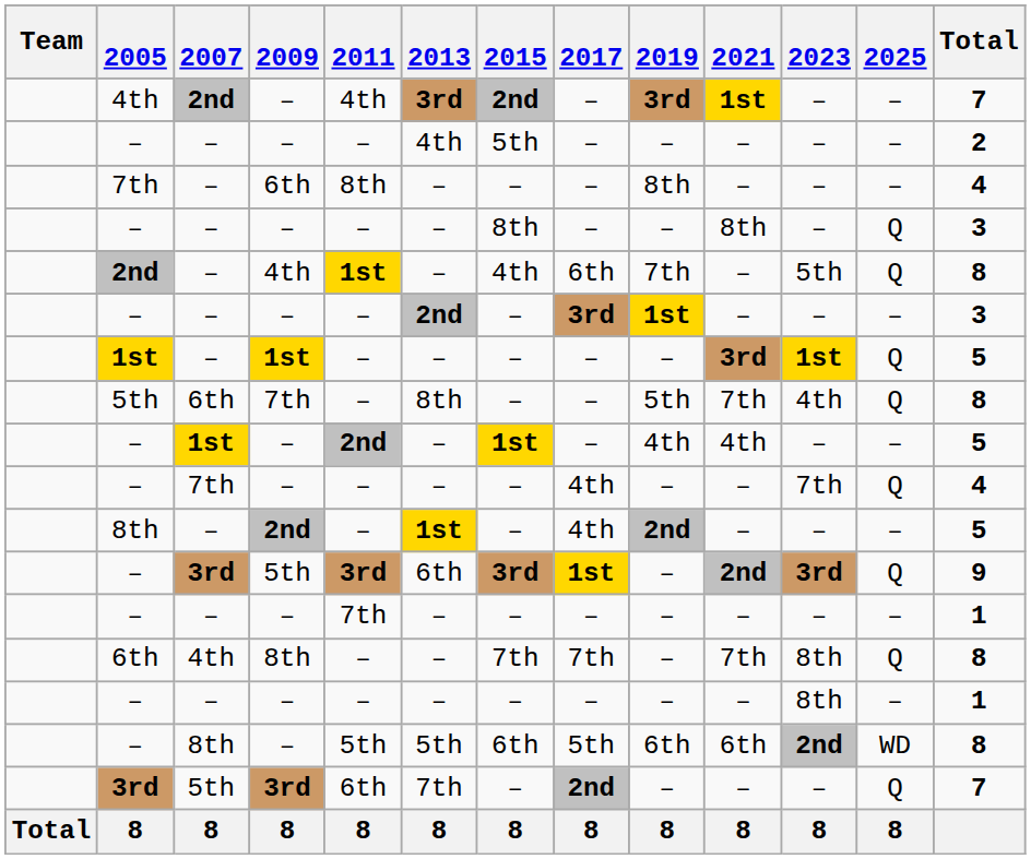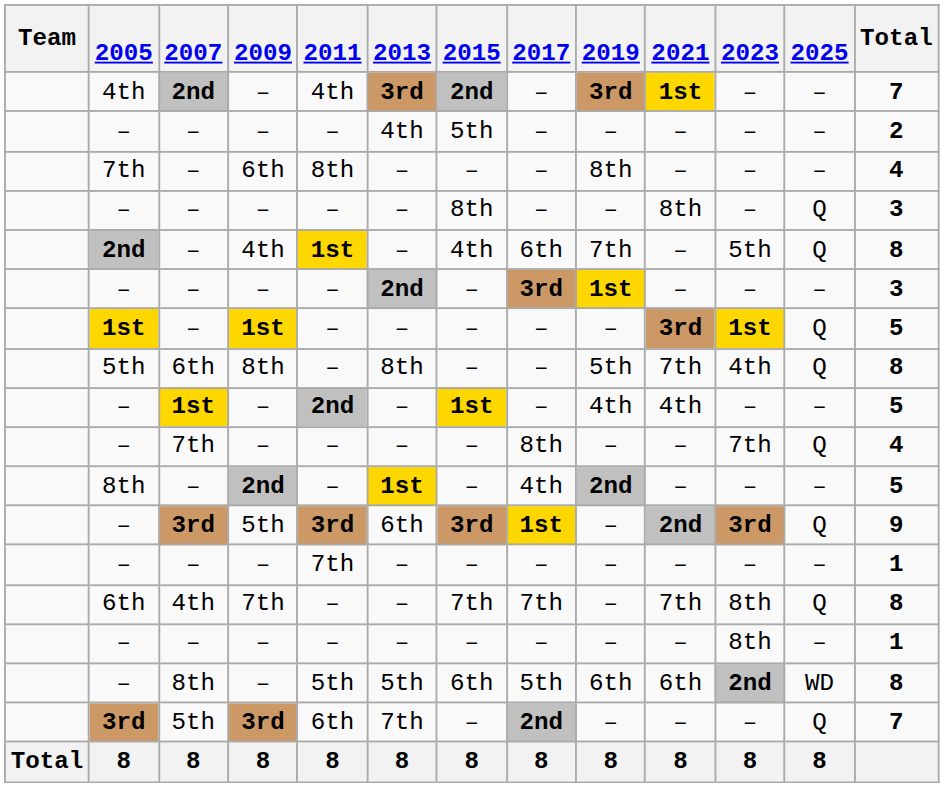 <table class="wikitable" style="text-align:center">
 <tr>
 <th>Team</th>
 <th><br><a href='#'>2005</a></th>
 <th><br><a href='#'>2007</a></th>
 <th><br><a href='#'>2009</a></th>
 <th><br><a href='#'>2011</a></th>
 <th><br><a href='#'>2013</a></th>
 <th><br><a href='#'>2015</a></th>
 <th><br><a href='#'>2017</a></th>
 <th><br><a href='#'>2019</a></th>
 <th><br><a href='#'>2021</a></th>
 <th><br><a href='#'>2023</a></th>
 <th><br><a href='#'>2025</a></th>
 <th>Total</th>
 </tr>
 <tr>
 <td align=left></td>
 <td>4th</td>
 <td bgcolor=silver><strong>2nd</strong></td>
 <td>–</td>
 <td>4th</td>
 <td bgcolor=cc9966><strong>3rd</strong></td>
 <td bgcolor=silver><strong>2nd</strong></td>
 <td>–</td>
 <td bgcolor=cc9966><strong>3rd</strong></td>
 <td bgcolor=gold><strong>1st</strong></td>
 <td>–</td>
 <td>–</td>
 <td><strong>7</strong></td>
 </tr>
 <tr>
 <td align=left></td>
 <td>–</td>
 <td>–</td>
 <td>–</td>
 <td>–</td>
 <td>4th</td>
 <td>5th</td>
 <td>–</td>
 <td>–</td>
 <td>–</td>
 <td>–</td>
 <td>–</td>
 <td><strong>2</strong></td>
 </tr>
 <tr>
 <td align=left></td>
 <td>7th</td>
 <td>–</td>
 <td>6th</td>
 <td>8th</td>
 <td>–</td>
 <td>–</td>
 <td>–</td>
 <td>8th</td>
 <td>–</td>
 <td>–</td>
 <td>–</td>
 <td><strong>4</strong></td>
 </tr>
 <tr>
 <td align=left></td>
 <td>–</td>
 <td>–</td>
 <td>–</td>
 <td>–</td>
 <td>–</td>
 <td>8th</td>
 <td>–</td>
 <td>–</td>
 <td>8th</td>
 <td>–</td>
 <td>Q</td>
 <td><strong>3</strong></td>
 </tr>
 <tr>
 <td align=left></td>
 <td bgcolor=silver><strong>2nd</strong></td>
 <td>–</td>
 <td>4th</td>
 <td bgcolor=gold><strong>1st</strong></td>
 <td>–</td>
 <td>4th</td>
 <td>6th</td>
 <td>7th</td>
 <td>–</td>
 <td>5th</td>
 <td>Q</td>
 <td><strong>8</strong></td>
 </tr>
 <tr>
 <td align=left></td>
 <td>–</td>
 <td>–</td>
 <td>–</td>
 <td>–</td>
 <td bgcolor=silver><strong>2nd</strong></td>
 <td>–</td>
 <td bgcolor=cc9966><strong>3rd</strong></td>
 <td bgcolor=gold><strong>1st</strong></td>
 <td>–</td>
 <td>–</td>
 <td>–</td>
 <td><strong>3</strong></td>
 </tr>
 <tr>
 <td align=left></td>
 <td bgcolor=gold><strong>1st</strong></td>
 <td>–</td>
 <td bgcolor=gold><strong>1st</strong></td>
 <td>–</td>
 <td>–</td>
 <td>–</td>
 <td>–</td>
 <td>–</td>
 <td bgcolor=cc9966><strong>3rd</strong></td>
 <td bgcolor=gold><strong>1st</strong></td>
 <td>Q</td>
 <td><strong>5</strong></td>
 </tr>
 <tr>
 <td align=left></td>
 <td>5th</td>
 <td>6th</td>
-<td>7th</td>
+<td>8th</td>
 <td>–</td>
 <td>8th</td>
 <td>–</td>
 <td>–</td>
 <td>5th</td>
 <td>7th</td>
 <td>4th</td>
 <td>Q</td>
 <td><strong>8</strong></td>
 </tr>
 <tr>
 <td align=left></td>
 <td>–</td>
 <td bgcolor=gold><strong>1st</strong></td>
 <td>–</td>
 <td bgcolor=silver><strong>2nd</strong></td>
 <td>–</td>
 <td bgcolor=gold><strong>1st</strong></td>
 <td>–</td>
 <td>4th</td>
 <td>4th</td>
 <td>–</td>
 <td>–</td>
 <td><strong>5</strong></td>
 </tr>
 <tr>
 <td align=left></td>
 <td>–</td>
 <td>7th</td>
 <td>–</td>
 <td>–</td>
 <td>–</td>
 <td>–</td>
-<td>4th</td>
+<td>8th</td>
 <td>–</td>
 <td>–</td>
 <td>7th</td>
 <td>Q</td>
 <td><strong>4</strong></td>
 </tr>
 <tr>
 <td align=left></td>
 <td>8th</td>
 <td>–</td>
 <td bgcolor=silver><strong>2nd</strong></td>
 <td>–</td>
 <td bgcolor=gold><strong>1st</strong></td>
 <td>–</td>
 <td>4th</td>
 <td bgcolor=silver><strong>2nd</strong></td>
 <td>–</td>
 <td>–</td>
 <td>–</td>
 <td><strong>5</strong></td>
 </tr>
 <tr>
 <td align=left></td>
 <td>–</td>
 <td bgcolor=cc9966><strong>3rd</strong></td>
 <td>5th</td>
 <td bgcolor=cc9966><strong>3rd</strong></td>
 <td>6th</td>
 <td bgcolor=cc9966><strong>3rd</strong></td>
 <td bgcolor=gold><strong>1st</strong></td>
 <td>–</td>
 <td bgcolor=silver><strong>2nd</strong></td>
 <td bgcolor=cc9966><strong>3rd</strong></td>
 <td>Q</td>
 <td><strong>9</strong></td>
 </tr>
 <tr>
 <td align=left></td>
 <td>–</td>
 <td>–</td>
 <td>–</td>
 <td>7th</td>
 <td>–</td>
 <td>–</td>
 <td>–</td>
 <td>–</td>
 <td>–</td>
 <td>–</td>
 <td>–</td>
 <td><strong>1</strong></td>
 </tr>
 <tr>
 <td align=left></td>
 <td>6th</td>
 <td>4th</td>
-<td>8th</td>
+<td>7th</td>
 <td>–</td>
 <td>–</td>
 <td>7th</td>
 <td>7th</td>
 <td>–</td>
 <td>7th</td>
 <td>8th</td>
 <td>Q</td>
 <td><strong>8</strong></td>
 </tr>
 <tr>
 <td align=left></td>
 <td>–</td>
 <td>–</td>
 <td>–</td>
 <td>–</td>
 <td>–</td>
 <td>–</td>
 <td>–</td>
 <td>–</td>
 <td>–</td>
 <td>8th</td>
 <td>–</td>
 <td><strong>1</strong></td>
 </tr>
 <tr>
 <td align=left></td>
 <td>–</td>
 <td>8th</td>
 <td>–</td>
 <td>5th</td>
 <td>5th</td>
 <td>6th</td>
 <td>5th</td>
 <td>6th</td>
 <td>6th</td>
 <td bgcolor=silver><strong>2nd</strong></td>
 <td>WD</td>
 <td><strong>8</strong></td>
 </tr>
 <tr>
 <td align=left></td>
 <td bgcolor=cc9966><strong>3rd</strong></td>
 <td>5th</td>
 <td bgcolor=cc9966><strong>3rd</strong></td>
 <td>6th</td>
 <td>7th</td>
 <td>–</td>
 <td bgcolor=silver><strong>2nd</strong></td>
 <td>–</td>
 <td>–</td>
 <td>–</td>
 <td>Q</td>
 <td><strong>7</strong></td>
 </tr>
 <tr>
 <th>Total</th>
 <th>8</th>
 <th>8</th>
 <th>8</th>
 <th>8</th>
 <th>8</th>
 <th>8</th>
 <th>8</th>
 <th>8</th>
 <th>8</th>
 <th>8</th>
 <th>8</th>
 <th></th>
 </tr>
 </table>
